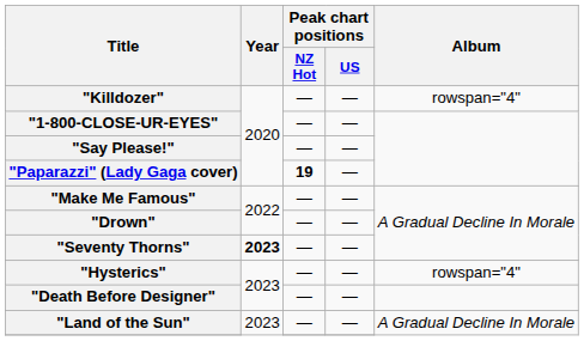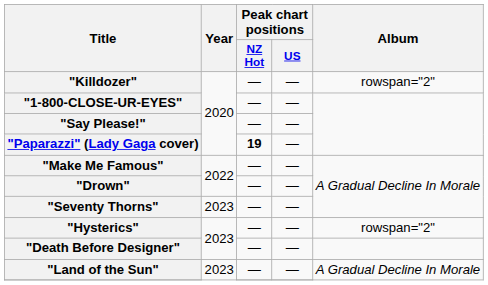 <table class="wikitable plainrowheaders" style="text-align:center;">
 <tr>
 <th scope="col" rowspan="2">Title</th>
 <th scope="col" rowspan="2">Year</th>
 <th scope="col" colspan="2">Peak chart positions</th>
 <th scope="col" rowspan="2">Album</th>
 </tr>
 <tr>
 <th scope="col" style="width:2.5em;font-size:90%;"><a href='#'>NZ<br>Hot</a><br></th>
 <th scope="col" style="width:3em; font-size:90%;"><a href='#'>US</a><br></th>
 </tr>
 <tr>
 <th scope="row">"Killdozer"</th>
 <td rowspan="4">2020</td>
 <td>—</td>
 <td>—</td>
-<td>rowspan="4" </td>
+<td>rowspan="2" </td>
 </tr>
 <tr>
 <th scope="row">"1-800-CLOSE-UR-EYES"</th>
 <td>—</td>
 <td>—</td>
 </tr>
 <tr>
 <th scope="row">"Say Please!"</th>
 <td>—</td>
 <td>—</td>
 </tr>
 <tr>
 <th scope="row"><a href='#'>"Paparazzi"</a> (<a href='#'>Lady Gaga</a> cover)</th>
 <td><strong>19</strong></td>
 <td>—</td>
 </tr>
 <tr>
 <th scope="row">"Make Me Famous"</th>
 <td rowspan="2">2022</td>
 <td>—</td>
 <td>—</td>
 <td rowspan="3"><em>A Gradual Decline In Morale</em></td>
 </tr>
 <tr>
 <th scope="row">"Drown"</th>
 <td>—</td>
 <td>—</td>
 </tr>
 <tr>
 <th scope="row">"Seventy Thorns" <br></th>
-<td><strong>2023</strong></td>
+<td>2023</td>
 <td>—</td>
 <td>—</td>
 </tr>
 <tr>
 <th scope="row">"Hysterics"</th>
 <td rowspan="2">2023</td>
 <td>—</td>
 <td>—</td>
-<td>rowspan="4" </td>
+<td>rowspan="2" </td>
 </tr>
 <tr>
 <th scope="row">"Death Before Designer" <br></th>
 <td>—</td>
 <td>—</td>
 </tr>
 <tr>
 <th scope="row">"Land of the Sun"</th>
 <td rowspan="18">2023</td>
 <td>—</td>
 <td>—</td>
 <td rowspan="18"><em>A Gradual Decline In Morale</em></td>
 </tr>
 <tr>
 </tr>
 </table>
